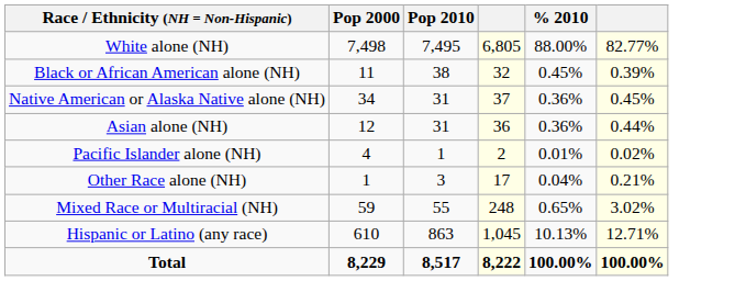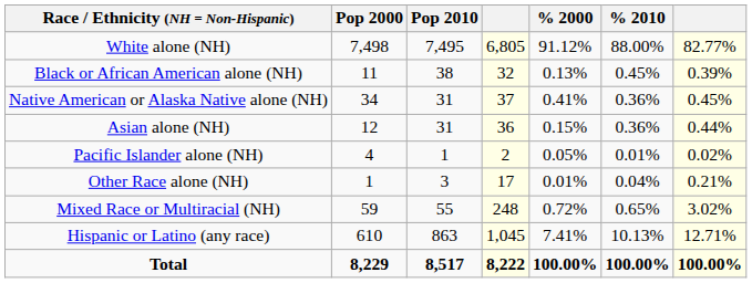 <table class="wikitable" style="text-align:center;">
 <tr>
 <th>Race / Ethnicity <small>(<em>NH = Non-Hispanic</em>)</small></th>
 <th>Pop 2000</th>
 <th>Pop 2010</th>
 <th></th>
+<th>% 2000</th>
 <th>% 2010</th>
 <th></th>
 </tr>
 <tr>
 <td><a href='#'>White</a> alone (NH)</td>
 <td>7,498</td>
 <td>7,495</td>
 <td style='background: #ffffe6;'>6,805</td>
+<td>91.12%</td>
 <td>88.00%</td>
 <td style='background: #ffffe6;'>82.77%</td>
 </tr>
 <tr>
 <td><a href='#'>Black or African American</a> alone (NH)</td>
 <td>11</td>
 <td>38</td>
 <td style='background: #ffffe6;'>32</td>
+<td>0.13%</td>
 <td>0.45%</td>
 <td style='background: #ffffe6;'>0.39%</td>
 </tr>
 <tr>
 <td><a href='#'>Native American</a> or <a href='#'>Alaska Native</a> alone (NH)</td>
 <td>34</td>
 <td>31</td>
 <td style='background: #ffffe6;'>37</td>
+<td>0.41%</td>
 <td>0.36%</td>
 <td style='background: #ffffe6;'>0.45%</td>
 </tr>
 <tr>
 <td><a href='#'>Asian</a> alone (NH)</td>
 <td>12</td>
 <td>31</td>
 <td style='background: #ffffe6;'>36</td>
+<td>0.15%</td>
 <td>0.36%</td>
 <td style='background: #ffffe6;'>0.44%</td>
 </tr>
 <tr>
 <td><a href='#'>Pacific Islander</a> alone (NH)</td>
 <td>4</td>
 <td>1</td>
 <td style='background: #ffffe6;'>2</td>
+<td>0.05%</td>
 <td>0.01%</td>
 <td style='background: #ffffe6;'>0.02%</td>
 </tr>
 <tr>
 <td><a href='#'>Other Race</a> alone (NH)</td>
 <td>1</td>
 <td>3</td>
 <td style='background: #ffffe6;'>17</td>
+<td>0.01%</td>
 <td>0.04%</td>
 <td style='background: #ffffe6;'>0.21%</td>
 </tr>
 <tr>
 <td><a href='#'>Mixed Race or Multiracial</a> (NH)</td>
 <td>59</td>
 <td>55</td>
 <td style='background: #ffffe6;'>248</td>
+<td>0.72%</td>
 <td>0.65%</td>
 <td style='background: #ffffe6;'>3.02%</td>
 </tr>
 <tr>
 <td><a href='#'>Hispanic or Latino</a> (any race)</td>
 <td>610</td>
 <td>863</td>
 <td style='background: #ffffe6;'>1,045</td>
+<td>7.41%</td>
 <td>10.13%</td>
 <td style='background: #ffffe6;'>12.71%</td>
 </tr>
 <tr>
 <td><strong>Total</strong></td>
 <td><strong>8,229</strong></td>
 <td><strong>8,517</strong></td>
 <td style='background: #ffffe6;'><strong>8,222</strong></td>
 <td><strong>100.00%</strong></td>
+<td><strong>100.00%</strong></td>
 <td style='background: #ffffe6;'><strong>100.00%</strong></td>
 </tr>
 </table>
